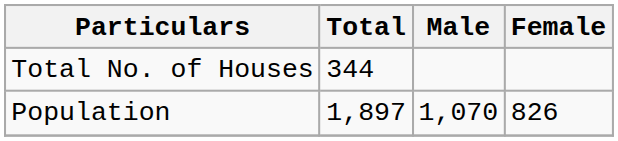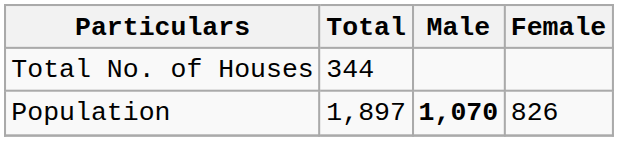 <table class="wikitable sortable">
 <tr>
 <th>Particulars</th>
 <th>Total</th>
 <th>Male</th>
 <th>Female</th>
 </tr>
 <tr>
 <td>Total No. of Houses</td>
 <td>344</td>
 <td></td>
 <td></td>
 </tr>
 <tr>
 <td>Population</td>
 <td>1,897</td>
-<td>1,070</td>
+<td><strong>1,070</strong></td>
 <td>826</td>
 </tr>
 <tr>
 </tr>
 </table>
